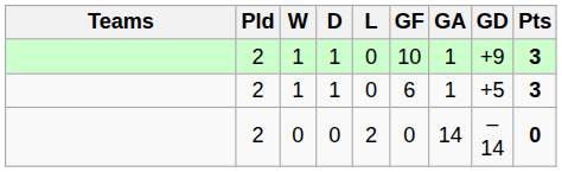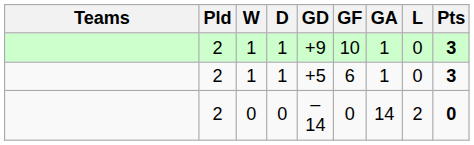 <table class="wikitable" style="text-align: center;">
 <tr>
 <th width=165>Teams</th>
 <th width=20>Pld</th>
 <th width=20>W</th>
 <th width=20>D</th>
-<th width=20>L</th>
+<th width=20>GD</th>
 <th width=20>GF</th>
 <th width=20>GA</th>
-<th width=20>GD</th>
+<th width=20>L</th>
 <th width=20>Pts</th>
 </tr>
 <tr align=center style="background:#ccffcc;">
 <td style="text-align:left;"></td>
 <td>2</td>
 <td>1</td>
 <td>1</td>
-<td>0</td>
+<td>+9</td>
 <td>10</td>
 <td>1</td>
-<td>+9</td>
+<td>0</td>
 <td><strong>3</strong></td>
 </tr>
 <tr align=center>
 <td style="text-align:left;"></td>
 <td>2</td>
 <td>1</td>
 <td>1</td>
-<td>0</td>
+<td>+5</td>
 <td>6</td>
 <td>1</td>
-<td>+5</td>
+<td>0</td>
 <td><strong>3</strong></td>
 </tr>
 <tr align=center>
 <td style="text-align:left;"></td>
 <td>2</td>
 <td>0</td>
 <td>0</td>
-<td>2</td>
+<td>–14</td>
 <td>0</td>
 <td>14</td>
-<td>–14</td>
+<td>2</td>
 <td><strong>0</strong></td>
 </tr>
 </table>
